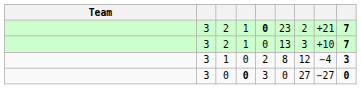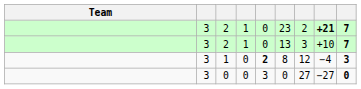 <table class=wikitable style="text-align:center">
 <tr>
 <th width=250>Team</th>
 <th width="20"></th>
 <th width="20"></th>
 <th width="20"></th>
 <th width="20"></th>
 <th width="20"></th>
 <th width="20"></th>
 <th width="20"></th>
 <th width="20"></th>
 </tr>
 <tr bgcolor=ccffcc>
 <td align="left"></td>
 <td>3</td>
 <td>2</td>
 <td>1</td>
-<td><strong>0</strong></td>
+<td>0</td>
 <td>23</td>
 <td>2</td>
-<td>+21</td>
+<td><strong>+21</strong></td>
 <td><strong>7</strong></td>
 </tr>
 <tr bgcolor=ccffcc>
 <td align="left"></td>
 <td>3</td>
 <td>2</td>
 <td>1</td>
 <td>0</td>
 <td>13</td>
 <td>3</td>
 <td>+10</td>
 <td><strong>7</strong></td>
 </tr>
 <tr>
 <td align="left"></td>
 <td>3</td>
 <td>1</td>
 <td>0</td>
-<td>2</td>
+<td><strong>2</strong></td>
 <td>8</td>
 <td>12</td>
 <td>−4</td>
 <td><strong>3</strong></td>
 </tr>
 <tr>
 <td align="left"></td>
 <td>3</td>
 <td>0</td>
-<td><strong>0</strong></td>
+<td>0</td>
 <td>3</td>
 <td>0</td>
 <td>27</td>
 <td>−27</td>
 <td><strong>0</strong></td>
 </tr>
 </table>
